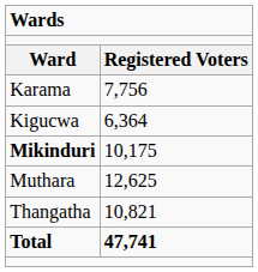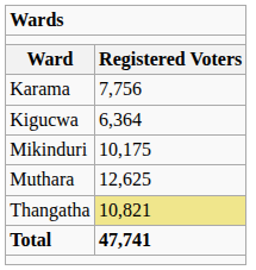 <table class="wikitable">
 <tr>
 <td colspan="2"><strong>Wards</strong></td>
 </tr>
 <tr>
 <td colspan="2"></td>
 </tr>
 <tr>
 <th>Ward</th>
 <th>Registered Voters</th>
 </tr>
 <tr>
 <td>Karama</td>
 <td>7,756</td>
 </tr>
 <tr>
 <td>Kigucwa</td>
 <td>6,364</td>
 </tr>
 <tr>
-<td><strong>Mikinduri</strong></td>
+<td>Mikinduri</td>
 <td>10,175</td>
 </tr>
 <tr>
 <td>Muthara</td>
 <td>12,625</td>
 </tr>
 <tr>
 <td>Thangatha</td>
-<td>10,821</td>
+<td style="background: khaki;">10,821</td>
 </tr>
 <tr>
 <td><strong>Total</strong></td>
 <td><strong>47,741</strong></td>
 </tr>
 <tr>
 <td colspan="2"></td>
 </tr>
 </table>
